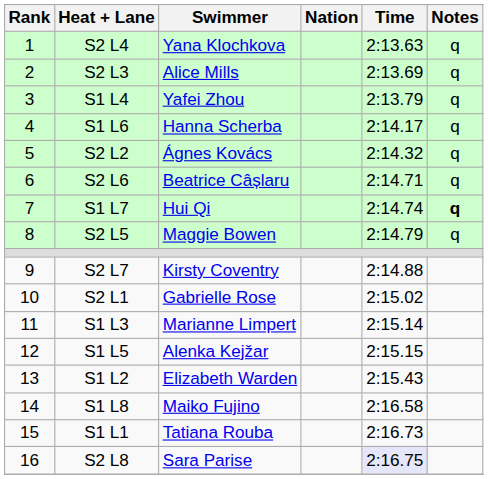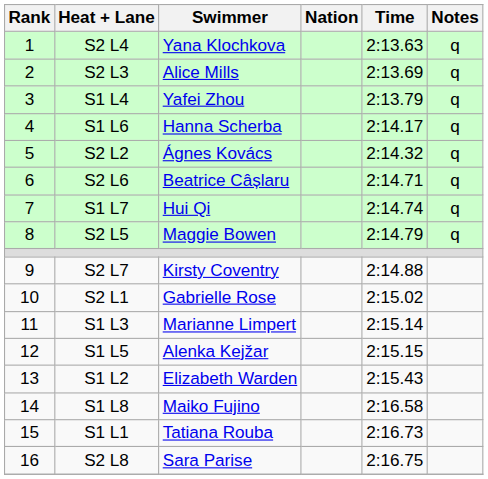 <table class="wikitable sortable" style="text-align:center">
 <tr>
 <th>Rank</th>
 <th>Heat + Lane</th>
 <th>Swimmer</th>
 <th>Nation</th>
 <th>Time</th>
 <th>Notes</th>
 </tr>
 <tr bgcolor=ccffcc>
 <td>1</td>
 <td>S2 L4</td>
 <td align=left><a href='#'>Yana Klochkova</a></td>
 <td align=left></td>
 <td>2:13.63</td>
 <td>q</td>
 </tr>
 <tr bgcolor=ccffcc>
 <td>2</td>
 <td>S2 L3</td>
 <td align=left><a href='#'>Alice Mills</a></td>
 <td align=left></td>
 <td>2:13.69</td>
 <td>q</td>
 </tr>
 <tr bgcolor=ccffcc>
 <td>3</td>
 <td>S1 L4</td>
 <td align=left><a href='#'>Yafei Zhou</a></td>
 <td align=left></td>
 <td>2:13.79</td>
 <td>q</td>
 </tr>
 <tr bgcolor=ccffcc>
 <td>4</td>
 <td>S1 L6</td>
 <td align=left><a href='#'>Hanna Scherba</a></td>
 <td align=left></td>
 <td>2:14.17</td>
 <td>q</td>
 </tr>
 <tr bgcolor=ccffcc>
 <td>5</td>
 <td>S2 L2</td>
 <td align=left><a href='#'>Ágnes Kovács</a></td>
 <td align=left></td>
 <td>2:14.32</td>
 <td>q</td>
 </tr>
 <tr bgcolor=ccffcc>
 <td>6</td>
 <td>S2 L6</td>
 <td align=left><a href='#'>Beatrice Câșlaru</a></td>
 <td align=left></td>
 <td>2:14.71</td>
 <td>q</td>
 </tr>
 <tr bgcolor=ccffcc>
 <td>7</td>
 <td>S1 L7</td>
 <td align=left><a href='#'>Hui Qi</a></td>
 <td align=left></td>
 <td>2:14.74</td>
-<td><strong>q</strong></td>
+<td>q</td>
 </tr>
 <tr bgcolor=ccffcc>
 <td>8</td>
 <td>S2 L5</td>
 <td align=left><a href='#'>Maggie Bowen</a></td>
 <td align=left></td>
 <td>2:14.79</td>
 <td>q</td>
 </tr>
 <tr bgcolor=#DDDDDD>
 <td colspan=6></td>
 </tr>
 <tr>
 <td>9</td>
 <td>S2 L7</td>
 <td align=left><a href='#'>Kirsty Coventry</a></td>
 <td align=left></td>
 <td>2:14.88</td>
 <td></td>
 </tr>
 <tr>
 <td>10</td>
 <td>S2 L1</td>
 <td align=left><a href='#'>Gabrielle Rose</a></td>
 <td align=left></td>
 <td>2:15.02</td>
 <td></td>
 </tr>
 <tr>
 <td>11</td>
 <td>S1 L3</td>
 <td align=left><a href='#'>Marianne Limpert</a></td>
 <td align=left></td>
 <td>2:15.14</td>
 <td></td>
 </tr>
 <tr>
 <td>12</td>
 <td>S1 L5</td>
 <td align=left><a href='#'>Alenka Kejžar</a></td>
 <td align=left></td>
 <td>2:15.15</td>
 <td></td>
 </tr>
 <tr>
 <td>13</td>
 <td>S1 L2</td>
 <td align=left><a href='#'>Elizabeth Warden</a></td>
 <td align=left></td>
 <td>2:15.43</td>
 <td></td>
 </tr>
 <tr>
 <td>14</td>
 <td>S1 L8</td>
 <td align=left><a href='#'>Maiko Fujino</a></td>
 <td align=left></td>
 <td>2:16.58</td>
 <td></td>
 </tr>
 <tr>
 <td>15</td>
 <td>S1 L1</td>
 <td align=left><a href='#'>Tatiana Rouba</a></td>
 <td align=left></td>
 <td>2:16.73</td>
 <td></td>
 </tr>
 <tr>
 <td>16</td>
 <td>S2 L8</td>
 <td align=left><a href='#'>Sara Parise</a></td>
 <td align=left></td>
-<td style="background: lavender;">2:16.75</td>
+<td>2:16.75</td>
 <td></td>
 </tr>
 <tr>
 </tr>
 </table>
